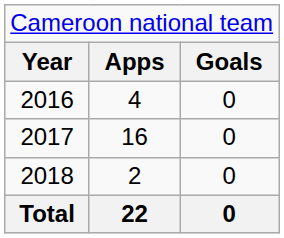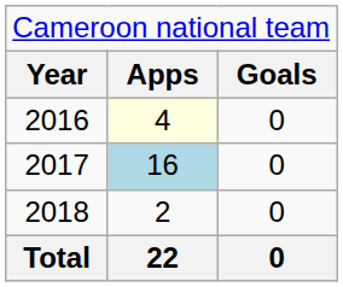 <table class="wikitable" style="text-align:center">
 <tr>
 <td colspan="3"><a href='#'>Cameroon national team</a></td>
 </tr>
 <tr>
 <th>Year</th>
 <th>Apps</th>
 <th>Goals</th>
 </tr>
 <tr>
 <td>2016</td>
-<td>4</td>
+<td style="background: lightyellow;">4</td>
 <td>0</td>
 </tr>
 <tr>
 <td>2017</td>
-<td>16</td>
+<td style="background: lightblue;">16</td>
 <td>0</td>
 </tr>
 <tr>
 <td>2018</td>
 <td>2</td>
 <td>0</td>
 </tr>
 <tr>
 <th>Total</th>
 <th>22</th>
 <th>0</th>
 </tr>
 </table>
